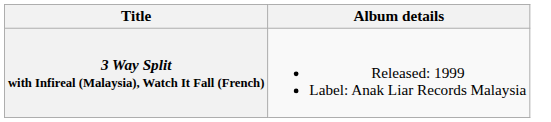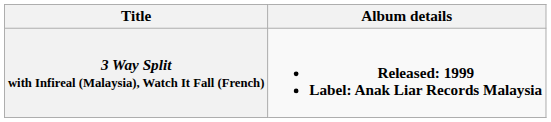 <table class="wikitable plainrowheaders" style="text-align:center;">
 <tr>
 <th scope="col">Title</th>
 <th scope="col">Album details</th>
 </tr>
 <tr>
 <th scope="row"><em>3 Way Split</em> <br><small>with Infireal (Malaysia), Watch It Fall (French)</small></th>
-<td><br><ul><li>Released: 1999</li><li>Label: Anak Liar Records Malaysia</li></ul></td>
+<td><strong><br><ul><li>Released: 1999</li><li>Label: Anak Liar Records Malaysia</li></ul></strong></td>
 </tr>
 </table>
